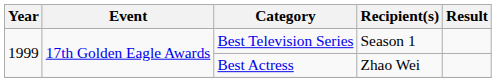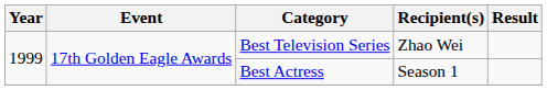 <table class="wikitable">
 <tr>
 <th>Year</th>
 <th>Event</th>
 <th>Category</th>
 <th>Recipient(s)</th>
 <th>Result</th>
 </tr>
 <tr>
 <td rowspan="2">1999</td>
 <td rowspan="2"><a href='#'>17th Golden Eagle Awards</a></td>
 <td><a href='#'>Best Television Series</a></td>
-<td>Season 1</td>
+<td>Zhao Wei</td>
 <td></td>
 </tr>
 <tr>
 <td><a href='#'>Best Actress</a></td>
-<td>Zhao Wei</td>
+<td>Season 1</td>
 <td></td>
 </tr>
 <tr>
 </tr>
 </table>
